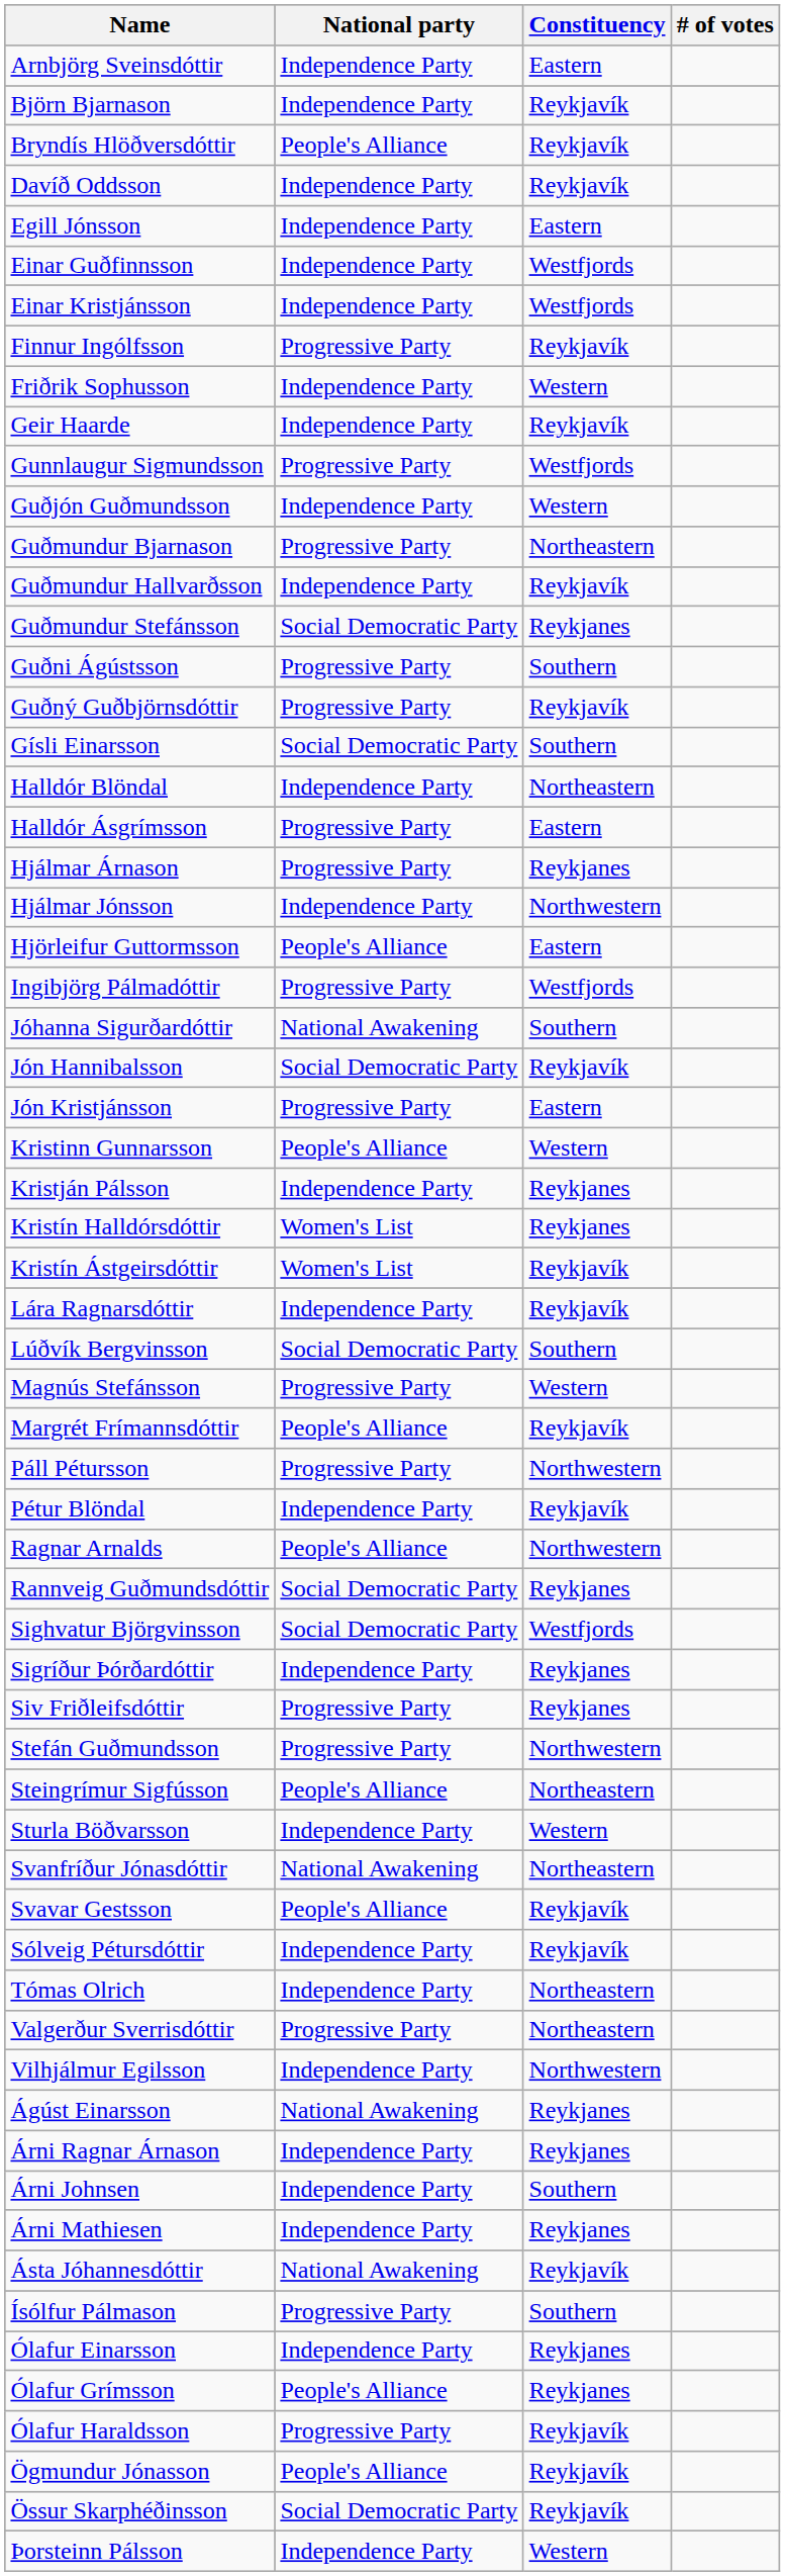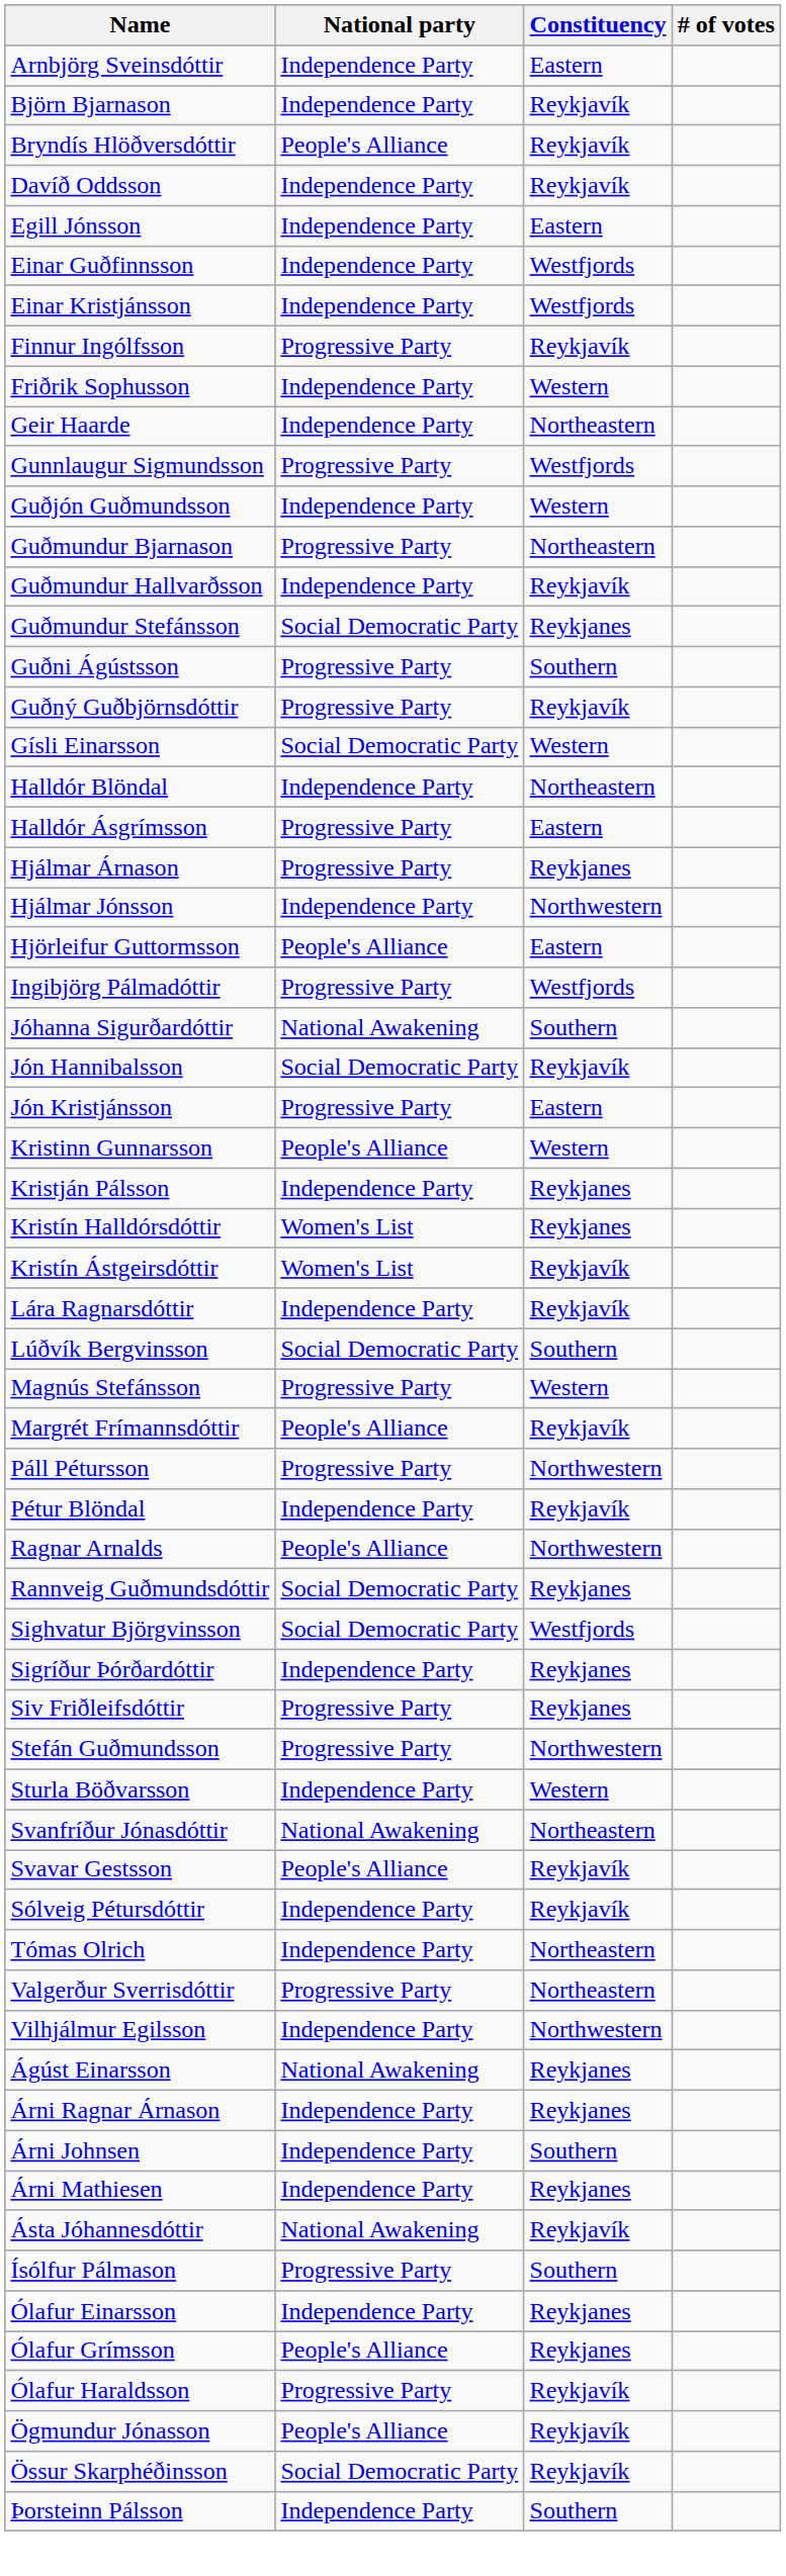 <table class="sortable wikitable" style="text-align:left; font-size:90%;">
 <tr>
 <th>Name</th>
 <th>National party</th>
 <th><a href='#'>Constituency</a></th>
 <th># of votes</th>
 </tr>
 <tr>
 <td><a href='#'>Arnbjörg Sveinsdóttir</a></td>
 <td> <a href='#'>Independence Party</a></td>
 <td><a href='#'>Eastern</a></td>
 <td></td>
 </tr>
 <tr>
 <td><a href='#'>Björn Bjarnason</a></td>
 <td> <a href='#'>Independence Party</a></td>
 <td><a href='#'>Reykjavík</a></td>
 <td></td>
 </tr>
 <tr>
 <td><a href='#'>Bryndís Hlöðversdóttir</a></td>
 <td> <a href='#'>People's Alliance</a></td>
 <td><a href='#'>Reykjavík</a></td>
 <td></td>
 </tr>
 <tr>
 <td><a href='#'>Davíð Oddsson</a></td>
 <td> <a href='#'>Independence Party</a></td>
 <td><a href='#'>Reykjavík</a></td>
 <td></td>
 </tr>
 <tr>
 <td><a href='#'>Egill Jónsson</a></td>
 <td> <a href='#'>Independence Party</a></td>
 <td><a href='#'>Eastern</a></td>
 <td></td>
 </tr>
 <tr>
 <td><a href='#'>Einar Guðfinnsson</a></td>
 <td> <a href='#'>Independence Party</a></td>
 <td><a href='#'>Westfjords</a></td>
 <td></td>
 </tr>
 <tr>
 <td><a href='#'>Einar Kristjánsson</a></td>
 <td> <a href='#'>Independence Party</a></td>
 <td><a href='#'>Westfjords</a></td>
 <td></td>
 </tr>
 <tr>
 <td><a href='#'>Finnur Ingólfsson</a></td>
 <td> <a href='#'>Progressive Party</a></td>
 <td><a href='#'>Reykjavík</a></td>
 <td></td>
 </tr>
 <tr>
 <td><a href='#'>Friðrik Sophusson</a></td>
 <td> <a href='#'>Independence Party</a></td>
 <td><a href='#'>Western</a></td>
 <td></td>
 </tr>
 <tr>
 <td><a href='#'>Geir Haarde</a></td>
 <td> <a href='#'>Independence Party</a></td>
-<td><a href='#'>Reykjavík</a></td>
+<td><a href='#'>Northeastern</a></td>
 <td></td>
 </tr>
 <tr>
 <td><a href='#'>Gunnlaugur Sigmundsson</a></td>
 <td> <a href='#'>Progressive Party</a></td>
 <td><a href='#'>Westfjords</a></td>
 <td></td>
 </tr>
 <tr>
 <td><a href='#'>Guðjón Guðmundsson</a></td>
 <td> <a href='#'>Independence Party</a></td>
 <td><a href='#'>Western</a></td>
 <td></td>
 </tr>
 <tr>
 <td><a href='#'>Guðmundur Bjarnason</a></td>
 <td> <a href='#'>Progressive Party</a></td>
 <td><a href='#'>Northeastern</a></td>
 <td></td>
 </tr>
 <tr>
 <td><a href='#'>Guðmundur Hallvarðsson</a></td>
 <td> <a href='#'>Independence Party</a></td>
 <td><a href='#'>Reykjavík</a></td>
 <td></td>
 </tr>
 <tr>
 <td><a href='#'>Guðmundur Stefánsson</a></td>
 <td> <a href='#'>Social Democratic Party</a></td>
 <td><a href='#'>Reykjanes</a></td>
 <td></td>
 </tr>
 <tr>
 <td><a href='#'>Guðni Ágústsson</a></td>
 <td> <a href='#'>Progressive Party</a></td>
 <td><a href='#'>Southern</a></td>
 <td></td>
 </tr>
 <tr>
 <td><a href='#'>Guðný Guðbjörnsdóttir</a></td>
 <td> <a href='#'>Progressive Party</a></td>
 <td><a href='#'>Reykjavík</a></td>
 <td></td>
 </tr>
 <tr>
 <td><a href='#'>Gísli Einarsson</a></td>
 <td> <a href='#'>Social Democratic Party</a></td>
-<td><a href='#'>Southern</a></td>
+<td><a href='#'>Western</a></td>
 <td></td>
 </tr>
 <tr>
 <td><a href='#'>Halldór Blöndal</a></td>
 <td> <a href='#'>Independence Party</a></td>
 <td><a href='#'>Northeastern</a></td>
 <td></td>
 </tr>
 <tr>
 <td><a href='#'>Halldór Ásgrímsson</a></td>
 <td> <a href='#'>Progressive Party</a></td>
 <td><a href='#'>Eastern</a></td>
 <td></td>
 </tr>
 <tr>
 <td><a href='#'>Hjálmar Árnason</a></td>
 <td> <a href='#'>Progressive Party</a></td>
 <td><a href='#'>Reykjanes</a></td>
 <td></td>
 </tr>
 <tr>
 <td><a href='#'>Hjálmar Jónsson</a></td>
 <td> <a href='#'>Independence Party</a></td>
 <td><a href='#'>Northwestern</a></td>
 <td></td>
 </tr>
 <tr>
 <td><a href='#'>Hjörleifur Guttormsson</a></td>
 <td> <a href='#'>People's Alliance</a></td>
 <td><a href='#'>Eastern</a></td>
 <td></td>
 </tr>
 <tr>
 <td><a href='#'>Ingibjörg Pálmadóttir</a></td>
 <td> <a href='#'>Progressive Party</a></td>
 <td><a href='#'>Westfjords</a></td>
 <td></td>
 </tr>
 <tr>
 <td><a href='#'>Jóhanna Sigurðardóttir</a></td>
 <td> <a href='#'>National Awakening</a></td>
 <td><a href='#'>Southern</a></td>
 <td></td>
 </tr>
 <tr>
 <td><a href='#'>Jón Hannibalsson</a></td>
 <td> <a href='#'>Social Democratic Party</a></td>
 <td><a href='#'>Reykjavík</a></td>
 <td></td>
 </tr>
 <tr>
 <td><a href='#'>Jón Kristjánsson</a></td>
 <td> <a href='#'>Progressive Party</a></td>
 <td><a href='#'>Eastern</a></td>
 <td></td>
 </tr>
 <tr>
 <td><a href='#'>Kristinn Gunnarsson</a></td>
 <td> <a href='#'>People's Alliance</a></td>
 <td><a href='#'>Western</a></td>
 <td></td>
 </tr>
 <tr>
 <td><a href='#'>Kristján Pálsson</a></td>
 <td> <a href='#'>Independence Party</a></td>
 <td><a href='#'>Reykjanes</a></td>
 <td></td>
 </tr>
 <tr>
 <td><a href='#'>Kristín Halldórsdóttir</a></td>
 <td> <a href='#'>Women's List</a></td>
 <td><a href='#'>Reykjanes</a></td>
 <td></td>
 </tr>
 <tr>
 <td><a href='#'>Kristín Ástgeirsdóttir</a></td>
 <td> <a href='#'>Women's List</a></td>
 <td><a href='#'>Reykjavík</a></td>
 <td></td>
 </tr>
 <tr>
 <td><a href='#'>Lára Ragnarsdóttir</a></td>
 <td> <a href='#'>Independence Party</a></td>
 <td><a href='#'>Reykjavík</a></td>
 <td></td>
 </tr>
 <tr>
 <td><a href='#'>Lúðvík Bergvinsson</a></td>
 <td> <a href='#'>Social Democratic Party</a></td>
 <td><a href='#'>Southern</a></td>
 <td></td>
 </tr>
 <tr>
 <td><a href='#'>Magnús Stefánsson</a></td>
 <td> <a href='#'>Progressive Party</a></td>
 <td><a href='#'>Western</a></td>
 <td></td>
 </tr>
 <tr>
 <td><a href='#'>Margrét Frímannsdóttir</a></td>
 <td> <a href='#'>People's Alliance</a></td>
 <td><a href='#'>Reykjavík</a></td>
 <td></td>
 </tr>
 <tr>
 <td><a href='#'>Páll Pétursson</a></td>
 <td> <a href='#'>Progressive Party</a></td>
 <td><a href='#'>Northwestern</a></td>
 <td></td>
 </tr>
 <tr>
 <td><a href='#'>Pétur Blöndal</a></td>
 <td> <a href='#'>Independence Party</a></td>
 <td><a href='#'>Reykjavík</a></td>
 <td></td>
 </tr>
 <tr>
 <td><a href='#'>Ragnar Arnalds</a></td>
 <td> <a href='#'>People's Alliance</a></td>
 <td><a href='#'>Northwestern</a></td>
 <td></td>
 </tr>
 <tr>
 <td><a href='#'>Rannveig Guðmundsdóttir</a></td>
 <td> <a href='#'>Social Democratic Party</a></td>
 <td><a href='#'>Reykjanes</a></td>
 <td></td>
 </tr>
 <tr>
 <td><a href='#'>Sighvatur Björgvinsson</a></td>
 <td> <a href='#'>Social Democratic Party</a></td>
 <td><a href='#'>Westfjords</a></td>
 <td></td>
 </tr>
 <tr>
 <td><a href='#'>Sigríður Þórðardóttir</a></td>
 <td> <a href='#'>Independence Party</a></td>
 <td><a href='#'>Reykjanes</a></td>
 <td></td>
 </tr>
 <tr>
 <td><a href='#'>Siv Friðleifsdóttir</a></td>
 <td> <a href='#'>Progressive Party</a></td>
 <td><a href='#'>Reykjanes</a></td>
 <td></td>
 </tr>
 <tr>
 <td><a href='#'>Stefán Guðmundsson</a></td>
 <td> <a href='#'>Progressive Party</a></td>
 <td><a href='#'>Northwestern</a></td>
 <td></td>
 </tr>
 <tr>
-<td><a href='#'>Steingrímur Sigfússon</a></td>
-<td> <a href='#'>People's Alliance</a></td>
-<td><a href='#'>Northeastern</a></td>
-<td></td>
-</tr>
-<tr>
 <td><a href='#'>Sturla Böðvarsson</a></td>
 <td> <a href='#'>Independence Party</a></td>
 <td><a href='#'>Western</a></td>
 <td></td>
 </tr>
 <tr>
 <td><a href='#'>Svanfríður Jónasdóttir</a></td>
 <td> <a href='#'>National Awakening</a></td>
 <td><a href='#'>Northeastern</a></td>
 <td></td>
 </tr>
 <tr>
 <td><a href='#'>Svavar Gestsson</a></td>
 <td> <a href='#'>People's Alliance</a></td>
 <td><a href='#'>Reykjavík</a></td>
 <td></td>
 </tr>
 <tr>
 <td><a href='#'>Sólveig Pétursdóttir</a></td>
 <td> <a href='#'>Independence Party</a></td>
 <td><a href='#'>Reykjavík</a></td>
 <td></td>
 </tr>
 <tr>
 <td><a href='#'>Tómas Olrich</a></td>
 <td> <a href='#'>Independence Party</a></td>
 <td><a href='#'>Northeastern</a></td>
 <td></td>
 </tr>
 <tr>
 <td><a href='#'>Valgerður Sverrisdóttir</a></td>
 <td> <a href='#'>Progressive Party</a></td>
 <td><a href='#'>Northeastern</a></td>
 <td></td>
 </tr>
 <tr>
 <td><a href='#'>Vilhjálmur Egilsson</a></td>
 <td> <a href='#'>Independence Party</a></td>
 <td><a href='#'>Northwestern</a></td>
 <td></td>
 </tr>
 <tr>
 <td><a href='#'>Ágúst Einarsson</a></td>
 <td> <a href='#'>National Awakening</a></td>
 <td><a href='#'>Reykjanes</a></td>
 <td></td>
 </tr>
 <tr>
 <td><a href='#'>Árni Ragnar Árnason</a></td>
 <td> <a href='#'>Independence Party</a></td>
 <td><a href='#'>Reykjanes</a></td>
 <td></td>
 </tr>
 <tr>
 <td><a href='#'>Árni Johnsen</a></td>
 <td> <a href='#'>Independence Party</a></td>
 <td><a href='#'>Southern</a></td>
 <td></td>
 </tr>
 <tr>
 <td><a href='#'>Árni Mathiesen</a></td>
 <td> <a href='#'>Independence Party</a></td>
 <td><a href='#'>Reykjanes</a></td>
 <td></td>
 </tr>
 <tr>
 <td><a href='#'>Ásta Jóhannesdóttir</a></td>
 <td> <a href='#'>National Awakening</a></td>
 <td><a href='#'>Reykjavík</a></td>
 <td></td>
 </tr>
 <tr>
 <td><a href='#'>Ísólfur Pálmason</a></td>
 <td> <a href='#'>Progressive Party</a></td>
 <td><a href='#'>Southern</a></td>
 <td></td>
 </tr>
 <tr>
 <td><a href='#'>Ólafur Einarsson</a></td>
 <td> <a href='#'>Independence Party</a></td>
 <td><a href='#'>Reykjanes</a></td>
 <td></td>
 </tr>
 <tr>
 <td><a href='#'>Ólafur Grímsson</a></td>
 <td> <a href='#'>People's Alliance</a></td>
 <td><a href='#'>Reykjanes</a></td>
 <td></td>
 </tr>
 <tr>
 <td><a href='#'>Ólafur Haraldsson</a></td>
 <td> <a href='#'>Progressive Party</a></td>
 <td><a href='#'>Reykjavík</a></td>
 <td></td>
 </tr>
 <tr>
 <td><a href='#'>Ögmundur Jónasson</a></td>
 <td> <a href='#'>People's Alliance</a></td>
 <td><a href='#'>Reykjavík</a></td>
 <td></td>
 </tr>
 <tr>
 <td><a href='#'>Össur Skarphéðinsson</a></td>
 <td> <a href='#'>Social Democratic Party</a></td>
 <td><a href='#'>Reykjavík</a></td>
 <td></td>
 </tr>
 <tr>
 <td><a href='#'>Þorsteinn Pálsson</a></td>
 <td> <a href='#'>Independence Party</a></td>
-<td><a href='#'>Western</a></td>
+<td><a href='#'>Southern</a></td>
 <td></td>
 </tr>
 </table>
